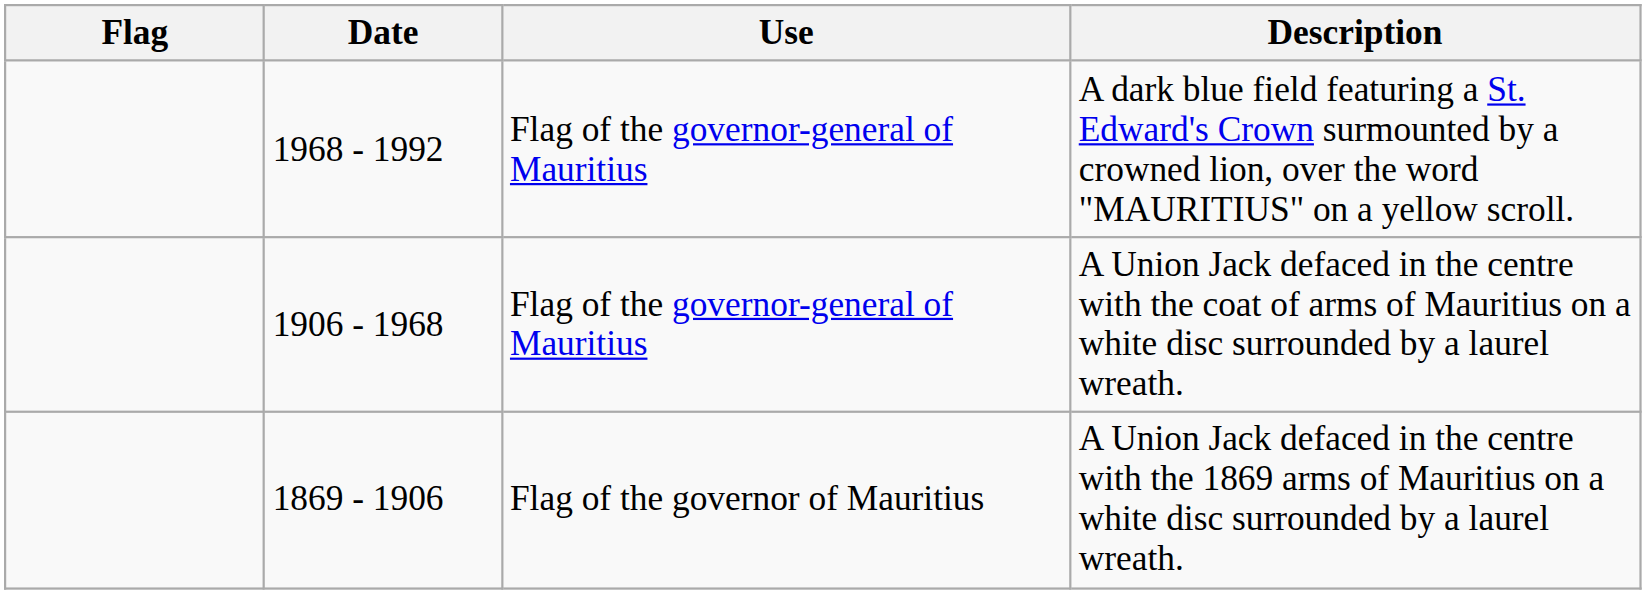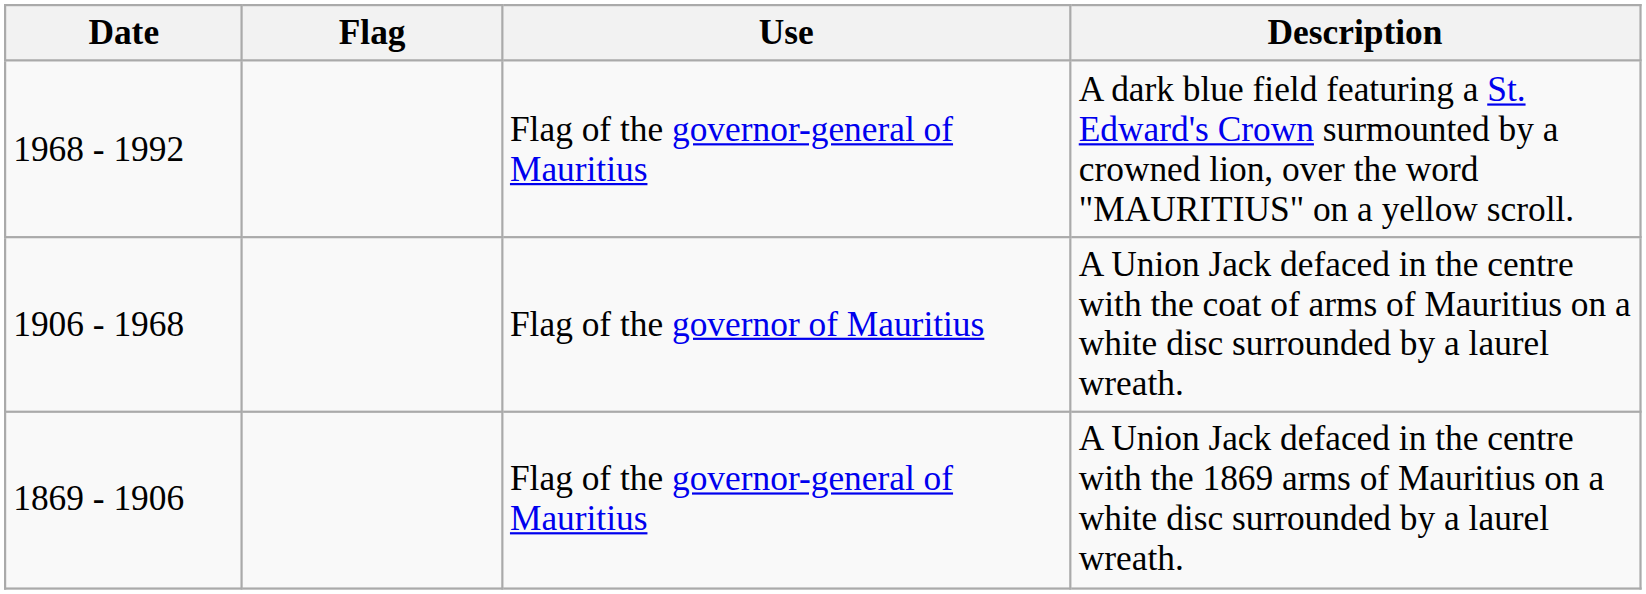 <table class="wikitable">
 <tr>
+<th style="width:100px;">Date</th>
 <th style="width:110px;">Flag</th>
-<th style="width:100px;">Date</th>
 <th style="width:250px;">Use</th>
 <th style="width:250px;">Description</th>
 </tr>
 <tr>
+<td>1968 - 1992</td>
 <td></td>
-<td>1968 - 1992</td>
 <td>Flag of the <a href='#'>governor-general of Mauritius</a></td>
 <td>A dark blue field featuring a <a href='#'>St. Edward's Crown</a> surmounted by a crowned lion, over the word "MAURITIUS" on a yellow scroll.</td>
 </tr>
 <tr>
+<td>1906 - 1968</td>
 <td></td>
-<td>1906 - 1968</td>
-<td>Flag of the <a href='#'>governor-general of Mauritius</a></td>
+<td>Flag of the <a href='#'>governor of Mauritius</a></td>
 <td>A Union Jack defaced in the centre with the coat of arms of Mauritius on a white disc surrounded by a laurel wreath.</td>
 </tr>
 <tr>
+<td>1869 - 1906</td>
 <td></td>
-<td>1869 - 1906</td>
-<td>Flag of the governor of Mauritius</td>
+<td>Flag of the <a href='#'>governor-general of Mauritius</a></td>
 <td>A Union Jack defaced in the centre with the 1869 arms of Mauritius on a white disc surrounded by a laurel wreath.</td>
 </tr>
 </table>
